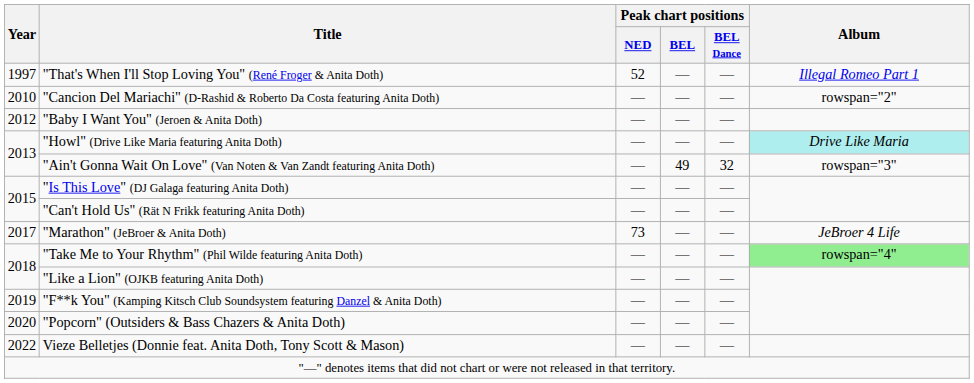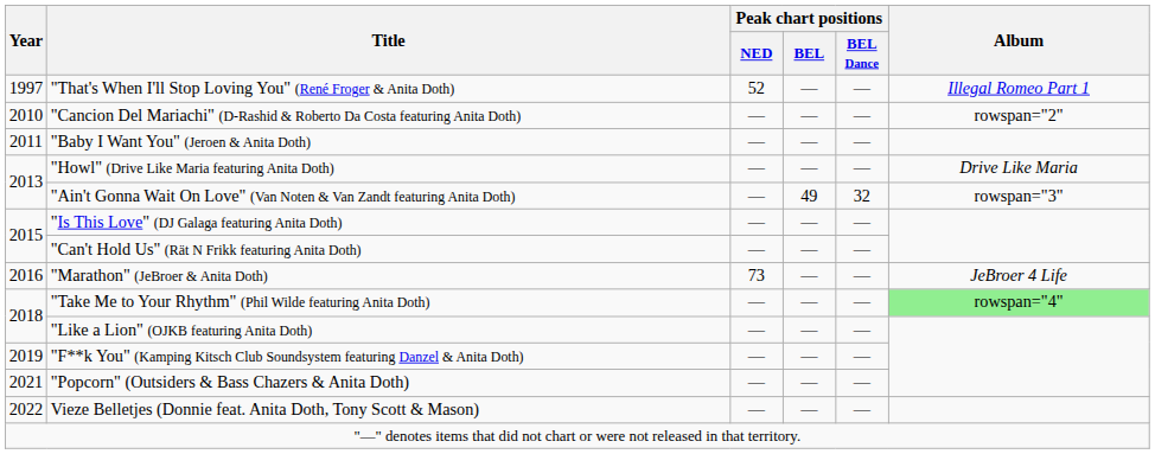 <table class="wikitable" style="text-align:center;">
 <tr>
 <th rowspan="2" style="width:2em;">Year</th>
 <th rowspan="2" style="width:40em;">Title</th>
 <th colspan="3">Peak chart positions</th>
 <th rowspan="2" style="width:15em;">Album</th>
 </tr>
 <tr>
 <th style="width:3em;font-size:90%;"><a href='#'>NED</a><br></th>
 <th style="width:3em;font-size:90%;"><a href='#'>BEL</a><br></th>
 <th style="width:3em;font-size:90%;"><a href='#'>BEL<br><small>Dance</small></a><br></th>
 </tr>
 <tr>
 <td>1997</td>
 <td style="text-align:left;">"That's When I'll Stop Loving You" <small>(<a href='#'>René Froger</a> & Anita Doth)</small></td>
 <td>52</td>
 <td>—</td>
 <td>—</td>
 <td><em><a href='#'>Illegal Romeo Part 1</a></em></td>
 </tr>
 <tr>
 <td>2010</td>
 <td style="text-align:left;">"Cancion Del Mariachi" <small>(D-Rashid & Roberto Da Costa featuring Anita Doth)</small></td>
 <td>—</td>
 <td>—</td>
 <td>—</td>
 <td>rowspan="2" </td>
 </tr>
 <tr>
-<td>2012</td>
+<td>2011</td>
 <td style="text-align:left;">"Baby I Want You" <small>(Jeroen & Anita Doth)</small></td>
 <td>—</td>
 <td>—</td>
 <td>—</td>
 </tr>
 <tr>
 <td rowspan="2">2013</td>
 <td style="text-align:left;">"Howl" <small>(Drive Like Maria featuring Anita Doth)</small></td>
 <td>—</td>
 <td>—</td>
 <td>—</td>
-<td style="background: paleturquoise;"><em>Drive Like Maria</em></td>
+<td><em>Drive Like Maria</em></td>
 </tr>
 <tr>
 <td style="text-align:left;">"Ain't Gonna Wait On Love" <small>(Van Noten & Van Zandt featuring Anita Doth)</small></td>
 <td>—</td>
 <td>49</td>
 <td>32</td>
 <td>rowspan="3" </td>
 </tr>
 <tr>
 <td rowspan="2">2015</td>
 <td style="text-align:left;">"<a href='#'>Is This Love</a>" <small>(DJ Galaga featuring Anita Doth)</small></td>
 <td>—</td>
 <td>—</td>
 <td>—</td>
 </tr>
 <tr>
 <td style="text-align:left;">"Can't Hold Us" <small>(Rät N Frikk featuring Anita Doth)</small></td>
 <td>—</td>
 <td>—</td>
 <td>—</td>
 </tr>
 <tr>
-<td>2017</td>
+<td>2016</td>
 <td style="text-align:left;">"Marathon" <small>(JeBroer & Anita Doth)</small></td>
 <td>73</td>
 <td>—</td>
 <td>—</td>
 <td><em>JeBroer 4 Life</em></td>
 </tr>
 <tr>
 <td rowspan="2">2018</td>
 <td style="text-align:left;">"Take Me to Your Rhythm" <small>(Phil Wilde featuring Anita Doth)</small></td>
 <td>—</td>
 <td>—</td>
 <td>—</td>
 <td style="background: lightgreen;">rowspan="4" </td>
 </tr>
 <tr>
 <td style="text-align:left;">"Like a Lion" <small>(OJKB featuring Anita Doth)</small></td>
 <td>—</td>
 <td>—</td>
 <td>—</td>
 </tr>
 <tr>
 <td>2019</td>
 <td style="text-align:left;">"F**k You" <small>(Kamping Kitsch Club Soundsystem featuring <a href='#'>Danzel</a> & Anita Doth)</small></td>
 <td>—</td>
 <td>—</td>
 <td>—</td>
 </tr>
 <tr>
-<td>2020</td>
+<td>2021</td>
 <td style="text-align:left;">"Popcorn" (Outsiders & Bass Chazers & Anita Doth)</td>
 <td>—</td>
 <td>—</td>
 <td>—</td>
 </tr>
 <tr>
 <td>2022</td>
 <td style="text-align:left;">Vieze Belletjes (Donnie feat. Anita Doth, Tony Scott & Mason)</td>
 <td>—</td>
 <td>—</td>
 <td>—</td>
 <td></td>
 </tr>
 <tr>
 <td colspan="15" style="font-size:90%">"—" denotes items that did not chart or were not released in that territory.</td>
 </tr>
 </table>
